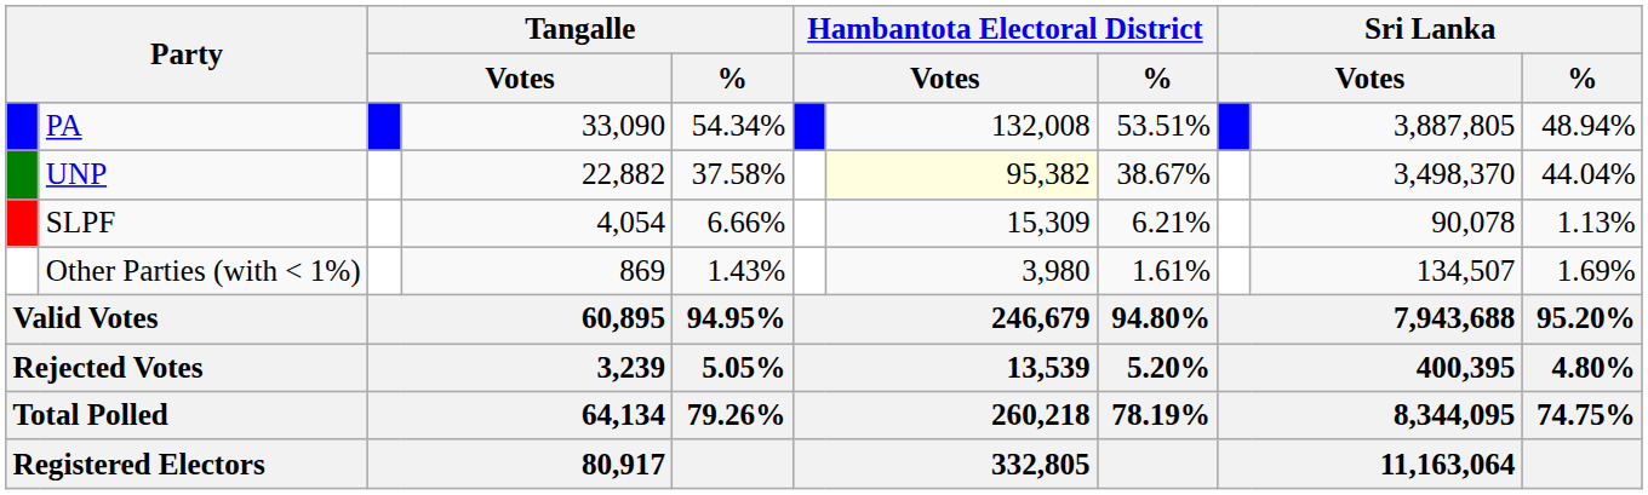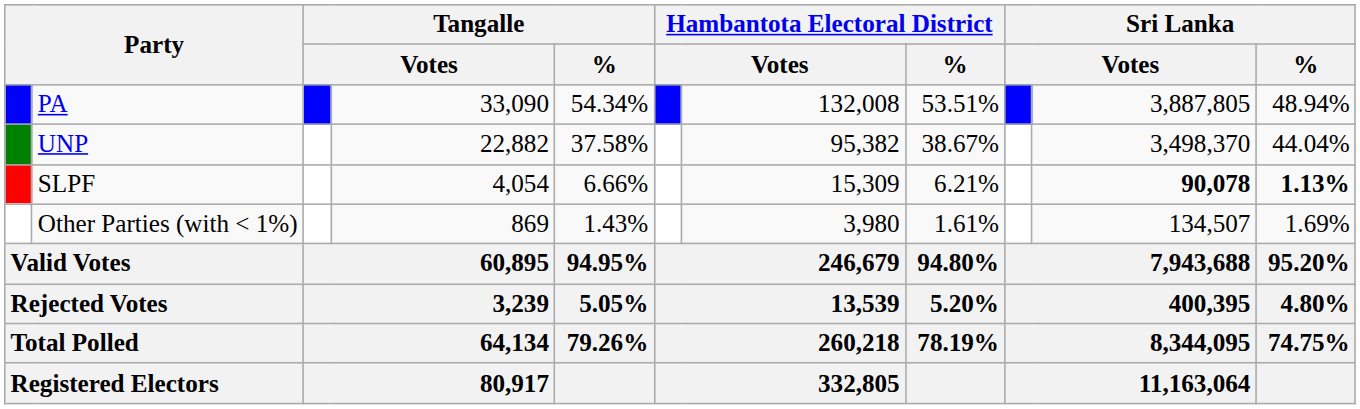 <table class="wikitable">
 <tr>
 <th colspan="2" width="144px"rowspan="2">Party</th>
 <th colspan="3" width="216px">Tangalle</th>
 <th colspan="3" width="216px"><a href='#'>Hambantota Electoral District</a></th>
 <th colspan="3" width="216px">Sri Lanka</th>
 </tr>
 <tr>
 <th colspan="2" width="144px">Votes</th>
 <th>%</th>
 <th colspan="2" width="144px">Votes</th>
 <th>%</th>
 <th colspan="2" width="144px">Votes</th>
 <th>%</th>
 </tr>
 <tr>
 <td style="background-color:blue;" width="10px"></td>
 <td style="text-align:left;"><a href='#'>PA</a></td>
 <td style="background-color:blue;" width="10px"></td>
 <td style="text-align:right;">33,090</td>
 <td style="text-align:right;">54.34%</td>
 <td style="background-color:blue;" width="10px"></td>
 <td style="text-align:right;">132,008</td>
 <td style="text-align:right;">53.51%</td>
 <td style="background-color:blue;" width="10px"></td>
 <td style="text-align:right;">3,887,805</td>
 <td style="text-align:right;">48.94%</td>
 </tr>
 <tr>
 <td style="background-color:green;" width="10px"></td>
 <td style="text-align:left;"><a href='#'>UNP</a></td>
 <td style="background-color:white;" width="10px"></td>
 <td style="text-align:right;">22,882</td>
 <td style="text-align:right;">37.58%</td>
 <td style="background-color:white;" width="10px"></td>
-<td style="background: lightyellow; text-align:right;">95,382</td>
+<td style="text-align:right;">95,382</td>
 <td style="text-align:right;">38.67%</td>
 <td style="background-color:white;" width="10px"></td>
 <td style="text-align:right;">3,498,370</td>
 <td style="text-align:right;">44.04%</td>
 </tr>
 <tr>
 <td style="background-color:red;" width="10px"></td>
 <td style="text-align:left;">SLPF</td>
 <td style="background-color:white;" width="10px"></td>
 <td style="text-align:right;">4,054</td>
 <td style="text-align:right;">6.66%</td>
 <td style="background-color:white;" width="10px"></td>
 <td style="text-align:right;">15,309</td>
 <td style="text-align:right;">6.21%</td>
 <td style="background-color:white;" width="10px"></td>
-<td style="text-align:right;">90,078</td>
-<td style="text-align:right;">1.13%</td>
+<td style="text-align:right;"><strong>90,078</strong></td>
+<td style="text-align:right;"><strong>1.13%</strong></td>
 </tr>
 <tr>
 <td style="background-color:white;" width="10px"></td>
 <td style="text-align:left;">Other Parties (with < 1%)</td>
 <td style="background-color:white;" width="10px"></td>
 <td style="text-align:right;">869</td>
 <td style="text-align:right;">1.43%</td>
 <td style="background-color:white;" width="10px"></td>
 <td style="text-align:right;">3,980</td>
 <td style="text-align:right;">1.61%</td>
 <td style="background-color:white;" width="10px"></td>
 <td style="text-align:right;">134,507</td>
 <td style="text-align:right;">1.69%</td>
 </tr>
 <tr>
 <th colspan="2" width="144px"style="text-align:left;">Valid Votes</th>
 <th style="text-align:right;"colspan="2" width="144px">60,895</th>
 <th style="text-align:right;">94.95%</th>
 <th style="text-align:right;"colspan="2" width="144px">246,679</th>
 <th style="text-align:right;">94.80%</th>
 <th style="text-align:right;"colspan="2" width="144px">7,943,688</th>
 <th style="text-align:right;">95.20%</th>
 </tr>
 <tr>
 <th colspan="2" width="144px"style="text-align:left;">Rejected Votes</th>
 <th style="text-align:right;"colspan="2" width="144px">3,239</th>
 <th style="text-align:right;">5.05%</th>
 <th style="text-align:right;"colspan="2" width="144px">13,539</th>
 <th style="text-align:right;">5.20%</th>
 <th style="text-align:right;"colspan="2" width="144px">400,395</th>
 <th style="text-align:right;">4.80%</th>
 </tr>
 <tr>
 <th colspan="2" width="144px"style="text-align:left;">Total Polled</th>
 <th style="text-align:right;"colspan="2" width="144px">64,134</th>
 <th style="text-align:right;">79.26%</th>
 <th style="text-align:right;"colspan="2" width="144px">260,218</th>
 <th style="text-align:right;">78.19%</th>
 <th style="text-align:right;"colspan="2" width="144px">8,344,095</th>
 <th style="text-align:right;">74.75%</th>
 </tr>
 <tr>
 <th colspan="2" width="144px"style="text-align:left;">Registered Electors</th>
 <th style="text-align:right;"colspan="2" width="144px">80,917</th>
 <th></th>
 <th style="text-align:right;"colspan="2" width="144px">332,805</th>
 <th></th>
 <th style="text-align:right;"colspan="2" width="144px">11,163,064</th>
 <th></th>
 </tr>
 </table>
